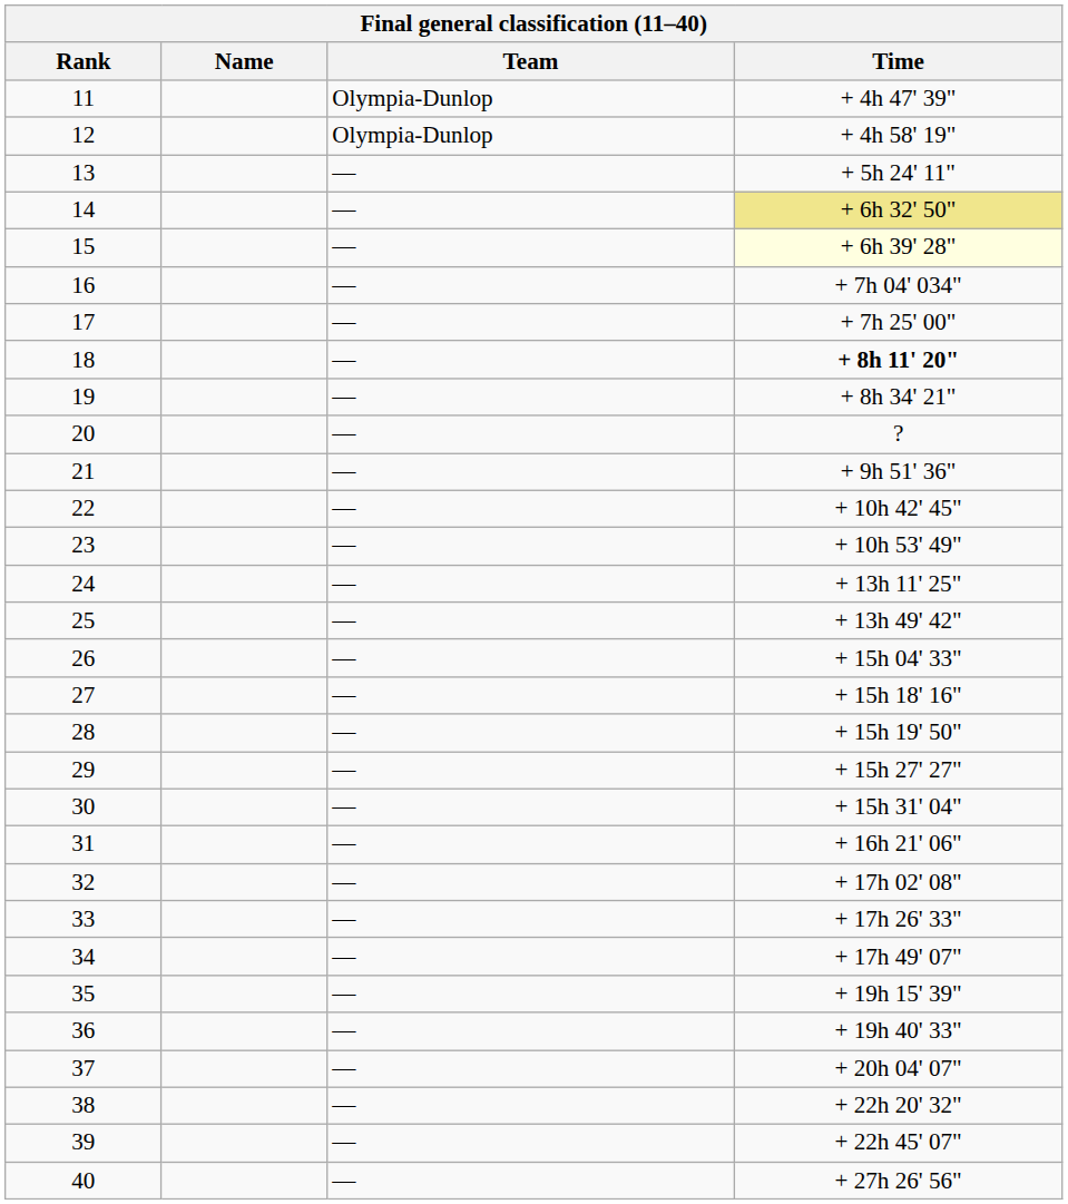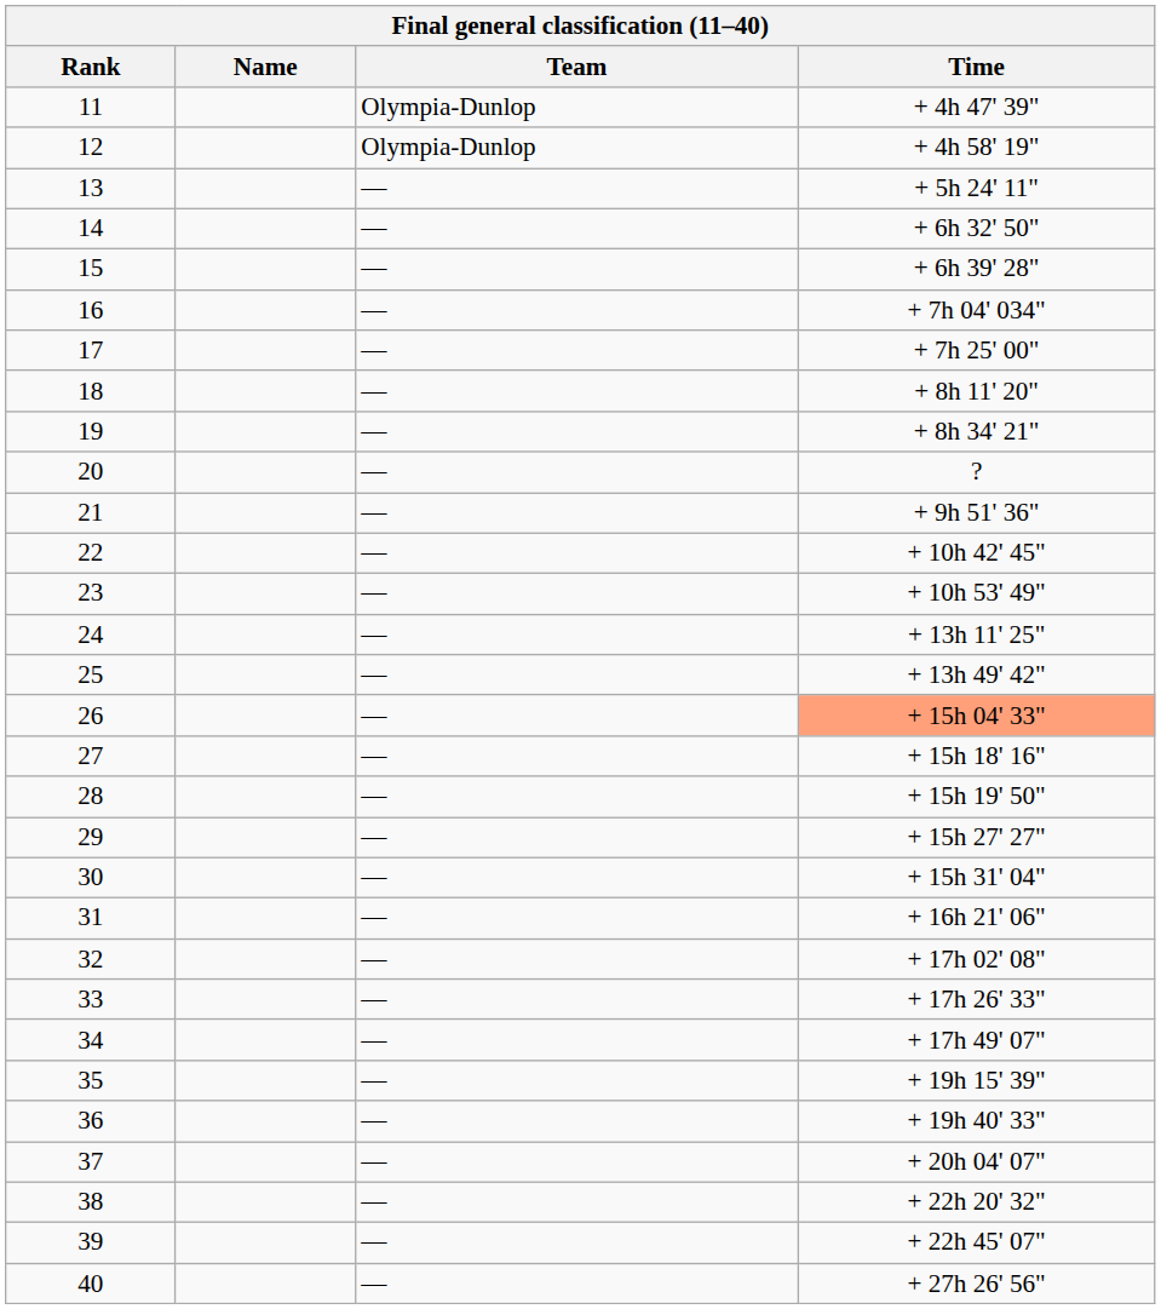 <table class="collapsible collapsed wikitable" style="width:45em;margin-top:0;">
 <tr>
 <th colspan=4>Final general classification (11–40)</th>
 </tr>
 <tr>
 <th>Rank</th>
 <th>Name</th>
 <th>Team</th>
 <th>Time</th>
 </tr>
 <tr>
 <td style="text-align:center;">11</td>
 <td></td>
 <td>Olympia-Dunlop</td>
 <td align=center>+ 4h 47' 39"</td>
 </tr>
 <tr>
 <td style="text-align:center;">12</td>
 <td></td>
 <td>Olympia-Dunlop</td>
 <td align=center>+ 4h 58' 19"</td>
 </tr>
 <tr>
 <td style="text-align:center;">13</td>
 <td></td>
 <td>—</td>
 <td align=center>+ 5h 24' 11"</td>
 </tr>
 <tr>
 <td style="text-align:center;">14</td>
 <td></td>
 <td>—</td>
-<td align=center style="background: khaki;">+ 6h 32' 50"</td>
+<td align=center>+ 6h 32' 50"</td>
 </tr>
 <tr>
 <td style="text-align:center;">15</td>
 <td></td>
 <td>—</td>
-<td align=center style="background: lightyellow;">+ 6h 39' 28"</td>
+<td align=center>+ 6h 39' 28"</td>
 </tr>
 <tr>
 <td style="text-align:center;">16</td>
 <td></td>
 <td>—</td>
 <td align=center>+ 7h 04' 034"</td>
 </tr>
 <tr>
 <td style="text-align:center;">17</td>
 <td></td>
 <td>—</td>
 <td align=center>+ 7h 25' 00"</td>
 </tr>
 <tr>
 <td style="text-align:center;">18</td>
 <td></td>
 <td>—</td>
-<td align=center><strong>+ 8h 11' 20"</strong></td>
+<td align=center>+ 8h 11' 20"</td>
 </tr>
 <tr>
 <td style="text-align:center;">19</td>
 <td></td>
 <td>—</td>
 <td align=center>+ 8h 34' 21"</td>
 </tr>
 <tr>
 <td style="text-align:center;">20</td>
 <td></td>
 <td>—</td>
 <td align=center>?</td>
 </tr>
 <tr>
 <td style="text-align:center;">21</td>
 <td></td>
 <td>—</td>
 <td align=center>+ 9h 51' 36"</td>
 </tr>
 <tr>
 <td style="text-align:center;">22</td>
 <td></td>
 <td>—</td>
 <td align=center>+ 10h 42' 45"</td>
 </tr>
 <tr>
 <td style="text-align:center;">23</td>
 <td></td>
 <td>—</td>
 <td align=center>+ 10h 53' 49"</td>
 </tr>
 <tr>
 <td style="text-align:center;">24</td>
 <td></td>
 <td>—</td>
 <td align=center>+ 13h 11' 25"</td>
 </tr>
 <tr>
 <td style="text-align:center;">25</td>
 <td></td>
 <td>—</td>
 <td align=center>+ 13h 49' 42"</td>
 </tr>
 <tr>
 <td style="text-align:center;">26</td>
 <td></td>
 <td>—</td>
-<td align=center>+ 15h 04' 33"</td>
+<td align=center style="background: lightsalmon;">+ 15h 04' 33"</td>
 </tr>
 <tr>
 <td style="text-align:center;">27</td>
 <td></td>
 <td>—</td>
 <td align=center>+ 15h 18' 16"</td>
 </tr>
 <tr>
 <td style="text-align:center;">28</td>
 <td></td>
 <td>—</td>
 <td align=center>+ 15h 19' 50"</td>
 </tr>
 <tr>
 <td style="text-align:center;">29</td>
 <td></td>
 <td>—</td>
 <td align=center>+ 15h 27' 27"</td>
 </tr>
 <tr>
 <td style="text-align:center;">30</td>
 <td></td>
 <td>—</td>
 <td align=center>+ 15h 31' 04"</td>
 </tr>
 <tr>
 <td style="text-align:center;">31</td>
 <td></td>
 <td>—</td>
 <td align=center>+ 16h 21' 06"</td>
 </tr>
 <tr>
 <td style="text-align:center;">32</td>
 <td></td>
 <td>—</td>
 <td align=center>+ 17h 02' 08"</td>
 </tr>
 <tr>
 <td style="text-align:center;">33</td>
 <td></td>
 <td>—</td>
 <td align=center>+ 17h 26' 33"</td>
 </tr>
 <tr>
 <td style="text-align:center;">34</td>
 <td></td>
 <td>—</td>
 <td align=center>+ 17h 49' 07"</td>
 </tr>
 <tr>
 <td style="text-align:center;">35</td>
 <td></td>
 <td>—</td>
 <td align=center>+ 19h 15' 39"</td>
 </tr>
 <tr>
 <td style="text-align:center;">36</td>
 <td></td>
 <td>—</td>
 <td align=center>+ 19h 40' 33"</td>
 </tr>
 <tr>
 <td style="text-align:center;">37</td>
 <td></td>
 <td>—</td>
 <td align=center>+ 20h 04' 07"</td>
 </tr>
 <tr>
 <td style="text-align:center;">38</td>
 <td></td>
 <td>—</td>
 <td align=center>+ 22h 20' 32"</td>
 </tr>
 <tr>
 <td style="text-align:center;">39</td>
 <td></td>
 <td>—</td>
 <td align=center>+ 22h 45' 07"</td>
 </tr>
 <tr>
 <td style="text-align:center;">40</td>
 <td></td>
 <td>—</td>
 <td align=center>+ 27h 26' 56"</td>
 </tr>
 </table>
